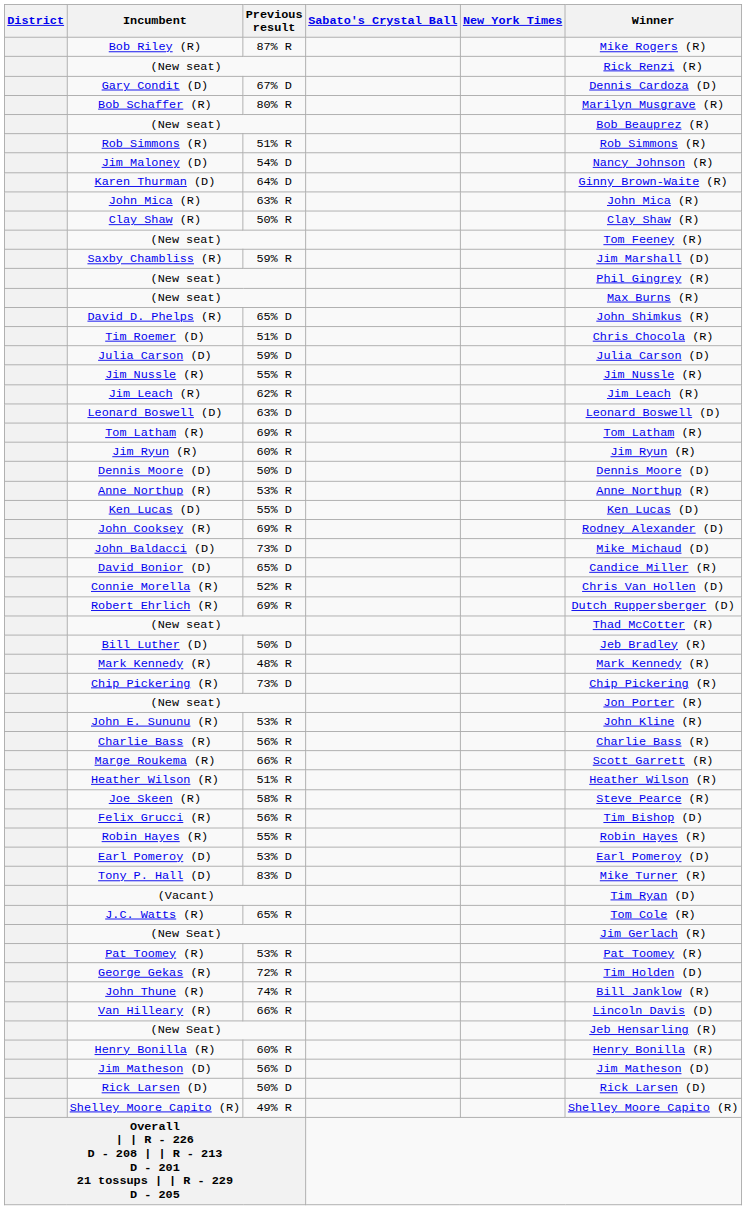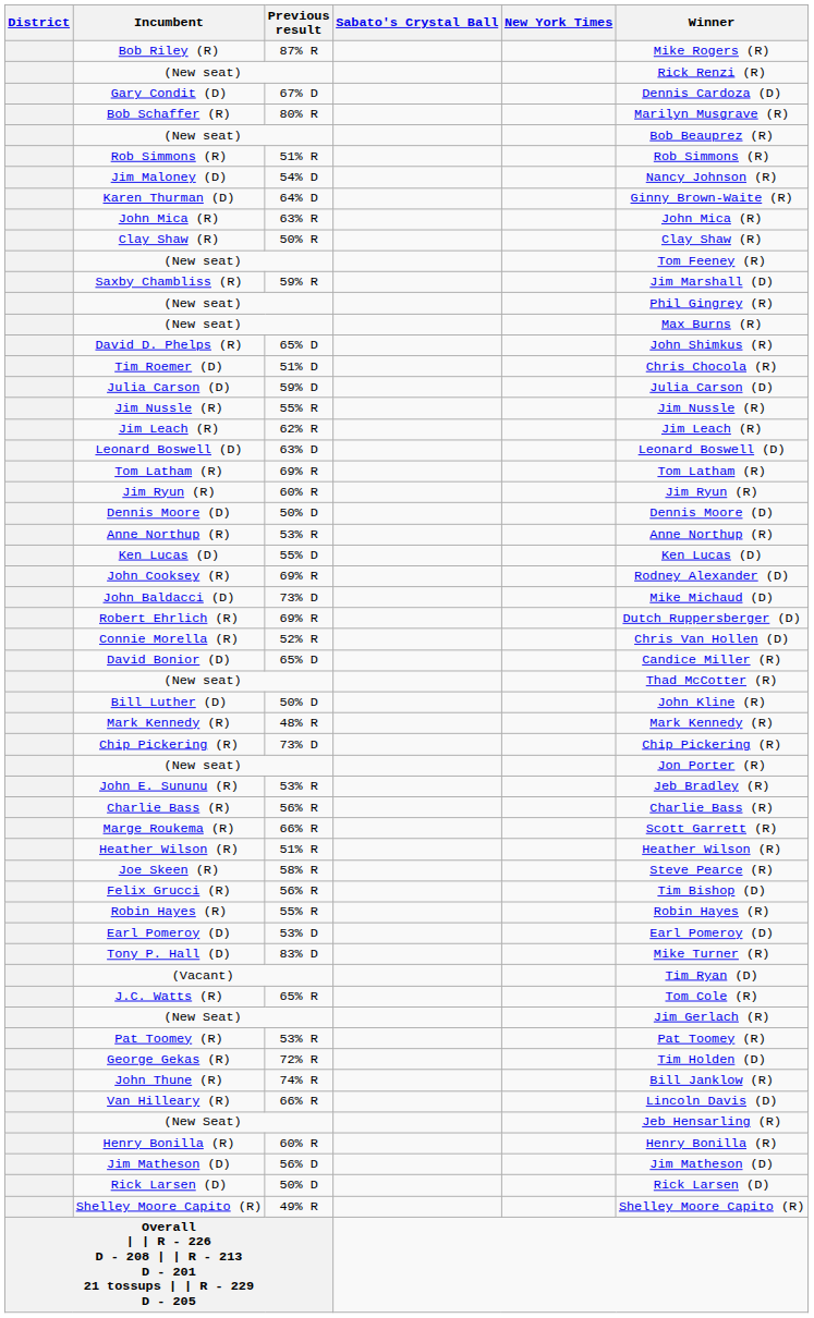 <table class="wikitable sortable" style="text-align:center">
 <tr>
 <th><a href='#'>District</a></th>
 <th class="unsortable">Incumbent</th>
 <th>Previous<br>result</th>
 <th><a href='#'>Sabato's Crystal Ball</a><br></th>
 <th><a href='#'>New York Times</a><br></th>
 <th>Winner</th>
 </tr>
 <tr>
 <th></th>
 <td><a href='#'>Bob Riley</a> (R) </td>
 <td>87% R</td>
 <td></td>
 <td></td>
 <td data-sort-value=-1 ><a href='#'>Mike Rogers</a> (R)</td>
 </tr>
 <tr>
 <th></th>
 <td colspan=2 data-sort-value="ZZZ" >(New seat)</td>
 <td></td>
 <td></td>
 <td data-sort-value=-1 ><a href='#'>Rick Renzi</a> (R)</td>
 </tr>
 <tr>
 <th></th>
 <td><a href='#'>Gary Condit</a> (D) </td>
 <td>67% D</td>
 <td></td>
 <td></td>
 <td data-sort-value=1 ><a href='#'>Dennis Cardoza</a> (D)</td>
 </tr>
 <tr>
 <th></th>
 <td><a href='#'>Bob Schaffer</a> (R) </td>
 <td>80% R</td>
 <td></td>
 <td></td>
 <td data-sort-value=-1 ><a href='#'>Marilyn Musgrave</a> (R)</td>
 </tr>
 <tr>
 <th></th>
 <td colspan=2 data-sort-value="ZZZ" >(New seat)</td>
 <td></td>
 <td></td>
 <td data-sort-value=-1 ><a href='#'>Bob Beauprez</a> (R)</td>
 </tr>
 <tr>
 <th></th>
 <td><a href='#'>Rob Simmons</a> (R)</td>
 <td>51% R</td>
 <td></td>
 <td></td>
 <td data-sort-value=-1 ><a href='#'>Rob Simmons</a> (R)</td>
 </tr>
 <tr>
 <th></th>
 <td><a href='#'>Jim Maloney</a> (D)</td>
 <td>54% D</td>
 <td></td>
 <td></td>
 <td data-sort-value=-1 ><a href='#'>Nancy Johnson</a> (R)</td>
 </tr>
 <tr>
 <th></th>
 <td><a href='#'>Karen Thurman</a> (D)</td>
 <td>64% D</td>
 <td></td>
 <td></td>
 <td data-sort-value=-1 ><a href='#'>Ginny Brown-Waite</a> (R)</td>
 </tr>
 <tr>
 <th></th>
 <td><a href='#'>John Mica</a> (R)</td>
 <td>63% R</td>
 <td></td>
 <td></td>
 <td data-sort-value=-1 ><a href='#'>John Mica</a> (R)</td>
 </tr>
 <tr>
 <th></th>
 <td><a href='#'>Clay Shaw</a> (R)</td>
 <td>50% R</td>
 <td></td>
 <td></td>
 <td data-sort-value=-1 ><a href='#'>Clay Shaw</a> (R)</td>
 </tr>
 <tr>
 <th></th>
 <td colspan=2 data-sort-value="ZZZ" >(New seat)</td>
 <td></td>
 <td></td>
 <td data-sort-value=-1 ><a href='#'>Tom Feeney</a> (R)</td>
 </tr>
 <tr>
 <th></th>
 <td><a href='#'>Saxby Chambliss</a> (R) </td>
 <td>59% R</td>
 <td></td>
 <td></td>
 <td data-sort-value=1 ><a href='#'>Jim Marshall</a> (D)</td>
 </tr>
 <tr>
 <th></th>
 <td colspan=2 data-sort-value="ZZZ" >(New seat)</td>
 <td></td>
 <td></td>
 <td data-sort-value=-1 ><a href='#'>Phil Gingrey</a> (R)</td>
 </tr>
 <tr>
 <th></th>
 <td colspan=2 data-sort-value="ZZZ" >(New seat)</td>
 <td></td>
 <td></td>
 <td data-sort-value=1 ><a href='#'>Max Burns</a> (R)</td>
 </tr>
 <tr>
 <th></th>
 <td><a href='#'>David D. Phelps</a> (R)</td>
 <td>65% D</td>
 <td></td>
 <td></td>
 <td data-sort-value=-1 ><a href='#'>John Shimkus</a> (R)</td>
 </tr>
 <tr>
 <th></th>
 <td><a href='#'>Tim Roemer</a> (D) </td>
 <td>51% D</td>
 <td></td>
 <td></td>
 <td data-sort-value=-1 ><a href='#'>Chris Chocola</a> (R)</td>
 </tr>
 <tr>
 <th></th>
 <td><a href='#'>Julia Carson</a> (D)</td>
 <td>59% D</td>
 <td></td>
 <td></td>
 <td data-sort-value=1 ><a href='#'>Julia Carson</a> (D)</td>
 </tr>
 <tr>
 <th></th>
 <td><a href='#'>Jim Nussle</a> (R)</td>
 <td>55% R</td>
 <td></td>
 <td></td>
 <td data-sort-value=-1 ><a href='#'>Jim Nussle</a> (R)</td>
 </tr>
 <tr>
 <th></th>
 <td><a href='#'>Jim Leach</a> (R)</td>
 <td>62% R</td>
 <td></td>
 <td></td>
 <td data-sort-value=-1 ><a href='#'>Jim Leach</a> (R)</td>
 </tr>
 <tr>
 <th></th>
 <td><a href='#'>Leonard Boswell</a> (D)</td>
 <td>63% D</td>
 <td></td>
 <td></td>
 <td data-sort-value=1 ><a href='#'>Leonard Boswell</a> (D)</td>
 </tr>
 <tr>
 <th></th>
 <td><a href='#'>Tom Latham</a> (R)</td>
 <td>69% R</td>
 <td></td>
 <td></td>
 <td data-sort-value=-1 ><a href='#'>Tom Latham</a> (R)</td>
 </tr>
 <tr>
 <th></th>
 <td><a href='#'>Jim Ryun</a> (R)</td>
 <td>60% R</td>
 <td></td>
 <td></td>
 <td data-sort-value=-1 ><a href='#'>Jim Ryun</a> (R)</td>
 </tr>
 <tr>
 <th></th>
 <td><a href='#'>Dennis Moore</a> (D)</td>
 <td>50% D</td>
 <td></td>
 <td></td>
 <td data-sort-value=1 ><a href='#'>Dennis Moore</a> (D)</td>
 </tr>
 <tr>
 <th></th>
 <td><a href='#'>Anne Northup</a> (R)</td>
 <td>53% R</td>
 <td></td>
 <td></td>
 <td data-sort-value=-1 ><a href='#'>Anne Northup</a> (R)</td>
 </tr>
 <tr>
 <th></th>
 <td><a href='#'>Ken Lucas</a> (D)</td>
 <td>55% D</td>
 <td></td>
 <td></td>
 <td data-sort-value=1 ><a href='#'>Ken Lucas</a> (D)</td>
 </tr>
 <tr>
 <th></th>
 <td><a href='#'>John Cooksey</a> (R) </td>
 <td>69% R</td>
 <td></td>
 <td></td>
 <td data-sort-value=1 ><a href='#'>Rodney Alexander</a> (D)</td>
 </tr>
 <tr>
 <th></th>
 <td><a href='#'>John Baldacci</a> (D) </td>
 <td>73% D</td>
 <td></td>
 <td></td>
 <td data-sort-value=1 ><a href='#'>Mike Michaud</a> (D)</td>
 </tr>
 <tr>
 <th></th>
-<td><a href='#'>David Bonior</a> (D) </td>
-<td>65% D</td>
+<td><a href='#'>Robert Ehrlich</a> (R) </td>
+<td>69% R</td>
 <td></td>
 <td></td>
-<td data-sort-value=-1 ><a href='#'>Candice Miller</a> (R)</td>
+<td data-sort-value=1 ><a href='#'>Dutch Ruppersberger</a> (D)</td>
 </tr>
 <tr>
 <th></th>
 <td><a href='#'>Connie Morella</a> (R)</td>
 <td>52% R</td>
 <td></td>
 <td></td>
 <td data-sort-value=1 ><a href='#'>Chris Van Hollen</a> (D)</td>
 </tr>
 <tr>
 <th></th>
-<td><a href='#'>Robert Ehrlich</a> (R) </td>
-<td>69% R</td>
+<td><a href='#'>David Bonior</a> (D) </td>
+<td>65% D</td>
 <td></td>
 <td></td>
-<td data-sort-value=1 ><a href='#'>Dutch Ruppersberger</a> (D)</td>
+<td data-sort-value=-1 ><a href='#'>Candice Miller</a> (R)</td>
 </tr>
 <tr>
 <th></th>
 <td colspan=2 data-sort-value="ZZZ" >(New seat)</td>
 <td></td>
 <td></td>
 <td data-sort-value=-1 ><a href='#'>Thad McCotter</a> (R)</td>
 </tr>
 <tr>
 <th></th>
 <td><a href='#'>Bill Luther</a> (D)</td>
 <td>50% D</td>
 <td></td>
 <td></td>
-<td data-sort-value=-1 ><a href='#'>Jeb Bradley</a> (R)</td>
+<td data-sort-value=-1 ><a href='#'>John Kline</a> (R)</td>
 </tr>
 <tr>
 <th></th>
 <td><a href='#'>Mark Kennedy</a> (R)</td>
 <td>48% R</td>
 <td></td>
 <td></td>
 <td data-sort-value=-1 ><a href='#'>Mark Kennedy</a> (R)</td>
 </tr>
 <tr>
 <th></th>
 <td><a href='#'>Chip Pickering</a> (R)</td>
 <td>73% D</td>
 <td></td>
 <td></td>
 <td data-sort-value=-1 ><a href='#'>Chip Pickering</a> (R)</td>
 </tr>
 <tr>
 <th></th>
 <td colspan=2 data-sort-value="ZZZ" >(New seat)</td>
 <td></td>
 <td></td>
 <td data-sort-value=-1 ><a href='#'>Jon Porter</a> (R)</td>
 </tr>
 <tr>
 <th></th>
 <td><a href='#'>John E. Sununu</a> (R)</td>
 <td>53% R</td>
 <td></td>
 <td></td>
-<td data-sort-value=-1 ><a href='#'>John Kline</a> (R)</td>
+<td data-sort-value=-1 ><a href='#'>Jeb Bradley</a> (R)</td>
 </tr>
 <tr>
 <th></th>
 <td><a href='#'>Charlie Bass</a> (R)</td>
 <td>56% R</td>
 <td></td>
 <td></td>
 <td data-sort-value=-1 ><a href='#'>Charlie Bass</a> (R)</td>
 </tr>
 <tr>
 <th></th>
 <td><a href='#'>Marge Roukema</a> (R)</td>
 <td>66% R</td>
 <td></td>
 <td></td>
 <td data-sort-value=-1 ><a href='#'>Scott Garrett</a> (R)</td>
 </tr>
 <tr>
 <th></th>
 <td><a href='#'>Heather Wilson</a> (R)</td>
 <td>51% R</td>
 <td></td>
 <td></td>
 <td data-sort-value=-1 ><a href='#'>Heather Wilson</a> (R)</td>
 </tr>
 <tr>
 <th></th>
 <td><a href='#'>Joe Skeen</a> (R) </td>
 <td>58% R</td>
 <td></td>
 <td></td>
 <td data-sort-value=-1 ><a href='#'>Steve Pearce</a> (R)</td>
 </tr>
 <tr>
 <th></th>
 <td><a href='#'>Felix Grucci</a> (R)</td>
 <td>56% R</td>
 <td></td>
 <td></td>
 <td data-sort-value=1 ><a href='#'>Tim Bishop</a> (D)</td>
 </tr>
 <tr>
 <th></th>
 <td><a href='#'>Robin Hayes</a> (R)</td>
 <td>55% R</td>
 <td></td>
 <td></td>
 <td data-sort-value=-1 ><a href='#'>Robin Hayes</a> (R)</td>
 </tr>
 <tr>
 <th></th>
 <td><a href='#'>Earl Pomeroy</a> (D)</td>
 <td>53% D</td>
 <td></td>
 <td></td>
 <td data-sort-value=1 ><a href='#'>Earl Pomeroy</a> (D)</td>
 </tr>
 <tr>
 <th></th>
 <td><a href='#'>Tony P. Hall</a> (D) </td>
 <td>83% D</td>
 <td></td>
 <td></td>
 <td data-sort-value=-1 ><a href='#'>Mike Turner</a> (R)</td>
 </tr>
 <tr>
 <th></th>
 <td colspan=2 data-sort-value="ZZZ" >(Vacant)</td>
 <td></td>
 <td></td>
 <td data-sort-value=1 ><a href='#'>Tim Ryan</a> (D)</td>
 </tr>
 <tr>
 <th></th>
 <td><a href='#'>J.C. Watts</a> (R) </td>
 <td>65% R</td>
 <td></td>
 <td></td>
 <td data-sort-value=-1 ><a href='#'>Tom Cole</a> (R)</td>
 </tr>
 <tr>
 <th></th>
 <td colspan=2 data-sort-value="ZZZ" >(New Seat)</td>
 <td></td>
 <td></td>
 <td data-sort-value=-1 ><a href='#'>Jim Gerlach</a> (R)</td>
 </tr>
 <tr>
 <th></th>
 <td><a href='#'>Pat Toomey</a> (R)</td>
 <td>53% R</td>
 <td></td>
 <td></td>
 <td data-sort-value=-1 ><a href='#'>Pat Toomey</a> (R)</td>
 </tr>
 <tr>
 <th></th>
 <td><a href='#'>George Gekas</a> (R)</td>
 <td>72% R</td>
 <td></td>
 <td></td>
 <td data-sort-value=1 ><a href='#'>Tim Holden</a> (D)</td>
 </tr>
 <tr>
 <th></th>
 <td><a href='#'>John Thune</a> (R) </td>
 <td>74% R</td>
 <td></td>
 <td></td>
 <td data-sort-value=-1 ><a href='#'>Bill Janklow</a> (R)</td>
 </tr>
 <tr>
 <th></th>
 <td><a href='#'>Van Hilleary</a> (R) </td>
 <td>66% R</td>
 <td></td>
 <td></td>
 <td data-sort-value=1 ><a href='#'>Lincoln Davis</a> (D)</td>
 </tr>
 <tr>
 <th></th>
 <td colspan=2 data-sort-value="ZZZ" >(New Seat)</td>
 <td></td>
 <td></td>
 <td data-sort-value=-1 ><a href='#'>Jeb Hensarling</a> (R)</td>
 </tr>
 <tr>
 <th></th>
 <td><a href='#'>Henry Bonilla</a> (R)</td>
 <td>60% R</td>
 <td></td>
 <td></td>
 <td data-sort-value=-1 ><a href='#'>Henry Bonilla</a> (R)</td>
 </tr>
 <tr>
 <th></th>
 <td><a href='#'>Jim Matheson</a> (D)</td>
 <td>56% D</td>
 <td></td>
 <td></td>
 <td data-sort-value=1 ><a href='#'>Jim Matheson</a> (D)</td>
 </tr>
 <tr>
 <th></th>
 <td><a href='#'>Rick Larsen</a> (D)</td>
 <td>50% D</td>
 <td></td>
 <td></td>
 <td data-sort-value=1 ><a href='#'>Rick Larsen</a> (D)</td>
 </tr>
 <tr>
 <th></th>
 <td><a href='#'>Shelley Moore Capito</a> (R)</td>
 <td>49% R</td>
 <td></td>
 <td></td>
 <td data-sort-value=-1 ><a href='#'>Shelley Moore Capito</a> (R)</td>
 </tr>
 <tr>
 <th colspan=3>Overall<br>|  | R - 226<br>D - 208 |  | R - 213<br>D - 201<br> 21 tossups |  | R - 229<br>D - 205</th>
 </tr>
 </table>
